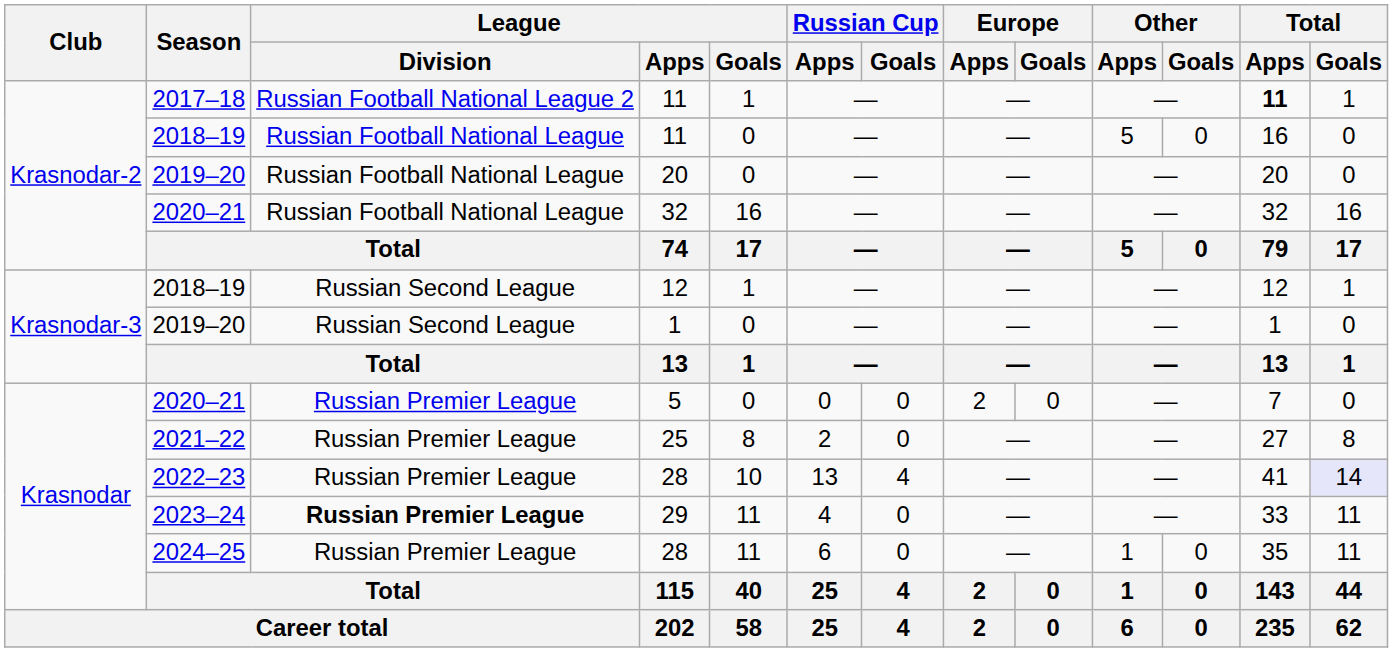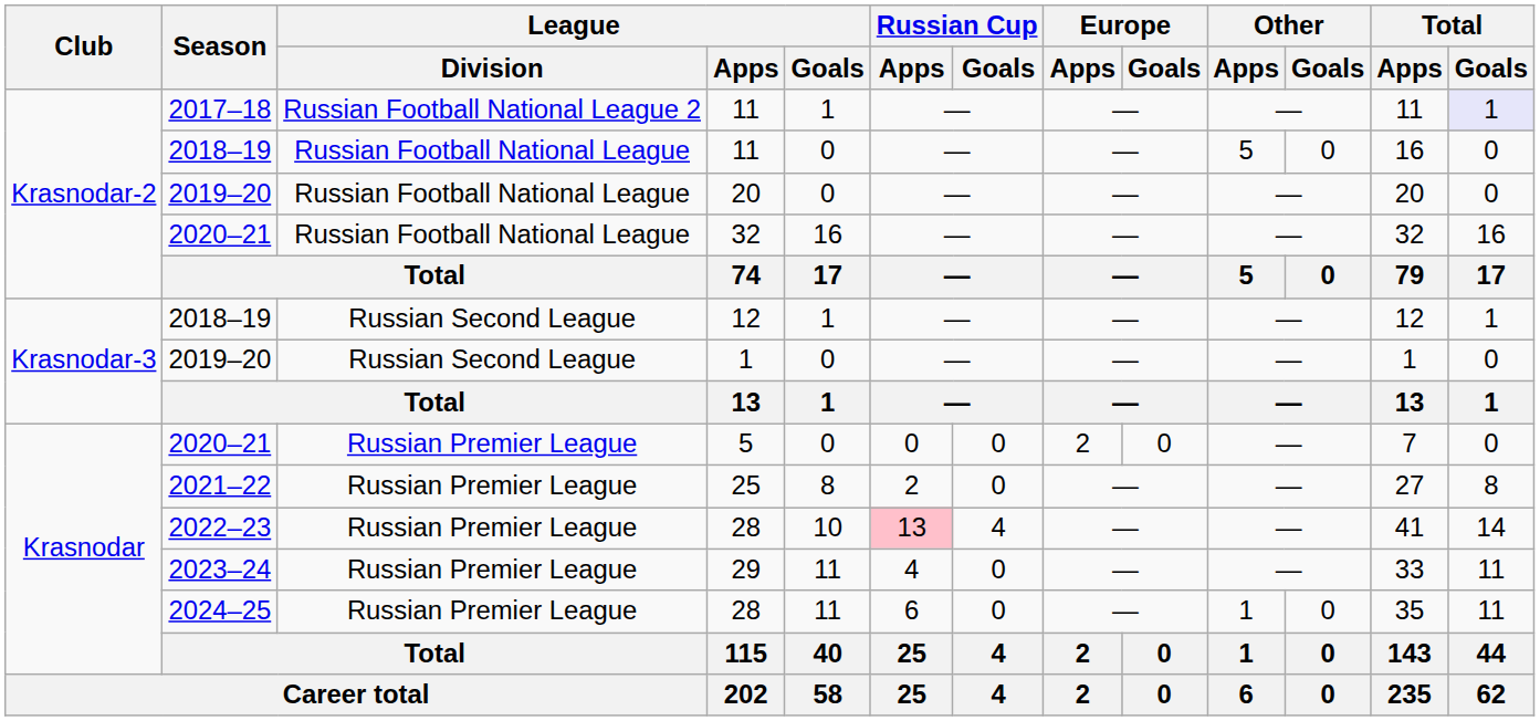 <table class="wikitable" style="text-align:center">
 <tr>
 <th rowspan="2">Club</th>
 <th rowspan="2">Season</th>
 <th colspan="3">League</th>
 <th colspan="2"><a href='#'>Russian Cup</a></th>
 <th colspan="2">Europe</th>
 <th colspan="2">Other</th>
 <th colspan="2">Total</th>
 </tr>
 <tr>
 <th>Division</th>
 <th>Apps</th>
 <th>Goals</th>
 <th>Apps</th>
 <th>Goals</th>
 <th>Apps</th>
 <th>Goals</th>
 <th>Apps</th>
 <th>Goals</th>
 <th>Apps</th>
 <th>Goals</th>
 </tr>
 <tr>
 <td rowspan="5"><a href='#'>Krasnodar-2</a></td>
 <td><a href='#'>2017–18</a></td>
 <td><a href='#'>Russian Football National League 2</a></td>
 <td>11</td>
 <td>1</td>
 <td colspan="2">—</td>
 <td colspan="2">—</td>
 <td colspan="2">—</td>
-<td><strong>11</strong></td>
-<td>1</td>
+<td>11</td>
+<td style="background: lavender;">1</td>
 </tr>
 <tr>
 <td><a href='#'>2018–19</a></td>
 <td><a href='#'>Russian Football National League</a></td>
 <td>11</td>
 <td>0</td>
 <td colspan="2">—</td>
 <td colspan="2">—</td>
 <td>5</td>
 <td>0</td>
 <td>16</td>
 <td>0</td>
 </tr>
 <tr>
 <td><a href='#'>2019–20</a></td>
 <td>Russian Football National League</td>
 <td>20</td>
 <td>0</td>
 <td colspan="2">—</td>
 <td colspan="2">—</td>
 <td colspan="2">—</td>
 <td>20</td>
 <td>0</td>
 </tr>
 <tr>
 <td><a href='#'>2020–21</a></td>
 <td>Russian Football National League</td>
 <td>32</td>
 <td>16</td>
 <td colspan="2">—</td>
 <td colspan="2">—</td>
 <td colspan="2">—</td>
 <td>32</td>
 <td>16</td>
 </tr>
 <tr>
 <th colspan="2">Total</th>
 <th>74</th>
 <th>17</th>
 <th colspan="2">—</th>
 <th colspan="2">—</th>
 <th>5</th>
 <th>0</th>
 <th>79</th>
 <th>17</th>
 </tr>
 <tr>
 <td rowspan="3"><a href='#'>Krasnodar-3</a></td>
 <td>2018–19</td>
 <td>Russian Second League</td>
 <td>12</td>
 <td>1</td>
 <td colspan="2">—</td>
 <td colspan="2">—</td>
 <td colspan="2">—</td>
 <td>12</td>
 <td>1</td>
 </tr>
 <tr>
 <td>2019–20</td>
 <td>Russian Second League</td>
 <td>1</td>
 <td>0</td>
 <td colspan="2">—</td>
 <td colspan="2">—</td>
 <td colspan="2">—</td>
 <td>1</td>
 <td>0</td>
 </tr>
 <tr>
 <th colspan="2">Total</th>
 <th>13</th>
 <th>1</th>
 <th colspan="2">—</th>
 <th colspan="2">—</th>
 <th colspan="2">—</th>
 <th>13</th>
 <th>1</th>
 </tr>
 <tr>
 <td rowspan="6"><a href='#'>Krasnodar</a></td>
 <td><a href='#'>2020–21</a></td>
 <td><a href='#'>Russian Premier League</a></td>
 <td>5</td>
 <td>0</td>
 <td>0</td>
 <td>0</td>
 <td>2</td>
 <td>0</td>
 <td colspan="2">—</td>
 <td>7</td>
 <td>0</td>
 </tr>
 <tr>
 <td><a href='#'>2021–22</a></td>
 <td>Russian Premier League</td>
 <td>25</td>
 <td>8</td>
 <td>2</td>
 <td>0</td>
 <td colspan="2">—</td>
 <td colspan="2">—</td>
 <td>27</td>
 <td>8</td>
 </tr>
 <tr>
 <td><a href='#'>2022–23</a></td>
 <td>Russian Premier League</td>
 <td>28</td>
 <td>10</td>
-<td>13</td>
+<td style="background: pink;">13</td>
 <td>4</td>
 <td colspan="2">—</td>
 <td colspan="2">—</td>
 <td>41</td>
-<td style="background: lavender;">14</td>
+<td>14</td>
 </tr>
 <tr>
 <td><a href='#'>2023–24</a></td>
-<td><strong>Russian Premier League</strong></td>
+<td>Russian Premier League</td>
 <td>29</td>
 <td>11</td>
 <td>4</td>
 <td>0</td>
 <td colspan="2">—</td>
 <td colspan="2">—</td>
 <td>33</td>
 <td>11</td>
 </tr>
 <tr>
 <td><a href='#'>2024–25</a></td>
 <td>Russian Premier League</td>
 <td>28</td>
 <td>11</td>
 <td>6</td>
 <td>0</td>
 <td colspan="2">—</td>
 <td>1</td>
 <td>0</td>
 <td>35</td>
 <td>11</td>
 </tr>
 <tr>
 <th colspan="2">Total</th>
 <th>115</th>
 <th>40</th>
 <th>25</th>
 <th>4</th>
 <th>2</th>
 <th>0</th>
 <th>1</th>
 <th>0</th>
 <th>143</th>
 <th>44</th>
 </tr>
 <tr>
 <th colspan="3">Career total</th>
 <th>202</th>
 <th>58</th>
 <th>25</th>
 <th>4</th>
 <th>2</th>
 <th>0</th>
 <th>6</th>
 <th>0</th>
 <th>235</th>
 <th>62</th>
 </tr>
 </table>
